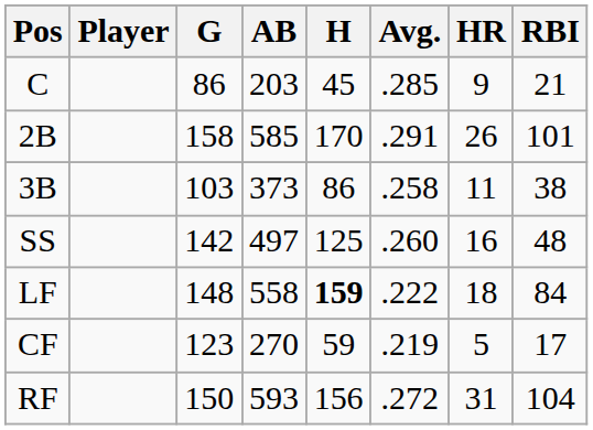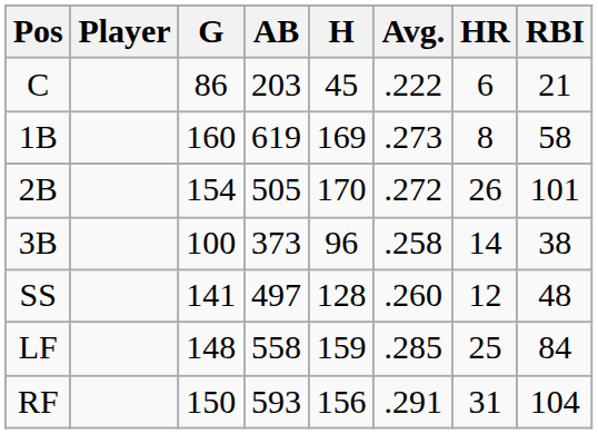 <table class="wikitable sortable" style="text-align:center">
 <tr>
 <th>Pos</th>
 <th>Player</th>
 <th>G</th>
 <th>AB</th>
 <th>H</th>
 <th>Avg.</th>
 <th>HR</th>
 <th>RBI</th>
 </tr>
 <tr>
 <td>C</td>
 <td></td>
 <td>86</td>
 <td>203</td>
 <td>45</td>
-<td>.285</td>
-<td>9</td>
+<td>.222</td>
+<td>6</td>
 <td>21</td>
+</tr>
+<tr>
+<td>1B</td>
+<td></td>
+<td>160</td>
+<td>619</td>
+<td>169</td>
+<td>.273</td>
+<td>8</td>
+<td>58</td>
 </tr>
 <tr>
 <td>2B</td>
 <td></td>
-<td>158</td>
-<td>585</td>
+<td>154</td>
+<td>505</td>
 <td>170</td>
-<td>.291</td>
+<td>.272</td>
 <td>26</td>
 <td>101</td>
 </tr>
 <tr>
 <td>3B</td>
 <td></td>
-<td>103</td>
+<td>100</td>
 <td>373</td>
-<td>86</td>
+<td>96</td>
 <td>.258</td>
-<td>11</td>
+<td>14</td>
 <td>38</td>
 </tr>
 <tr>
 <td>SS</td>
 <td></td>
-<td>142</td>
+<td>141</td>
 <td>497</td>
-<td>125</td>
+<td>128</td>
 <td>.260</td>
-<td>16</td>
+<td>12</td>
 <td>48</td>
 </tr>
 <tr>
 <td>LF</td>
 <td></td>
 <td>148</td>
 <td>558</td>
-<td><strong>159</strong></td>
-<td>.222</td>
-<td>18</td>
+<td>159</td>
+<td>.285</td>
+<td>25</td>
 <td>84</td>
-</tr>
-<tr>
-<td>CF</td>
-<td></td>
-<td>123</td>
-<td>270</td>
-<td>59</td>
-<td>.219</td>
-<td>5</td>
-<td>17</td>
 </tr>
 <tr>
 <td>RF</td>
 <td></td>
 <td>150</td>
 <td>593</td>
 <td>156</td>
-<td>.272</td>
+<td>.291</td>
 <td>31</td>
 <td>104</td>
 </tr>
 </table>
